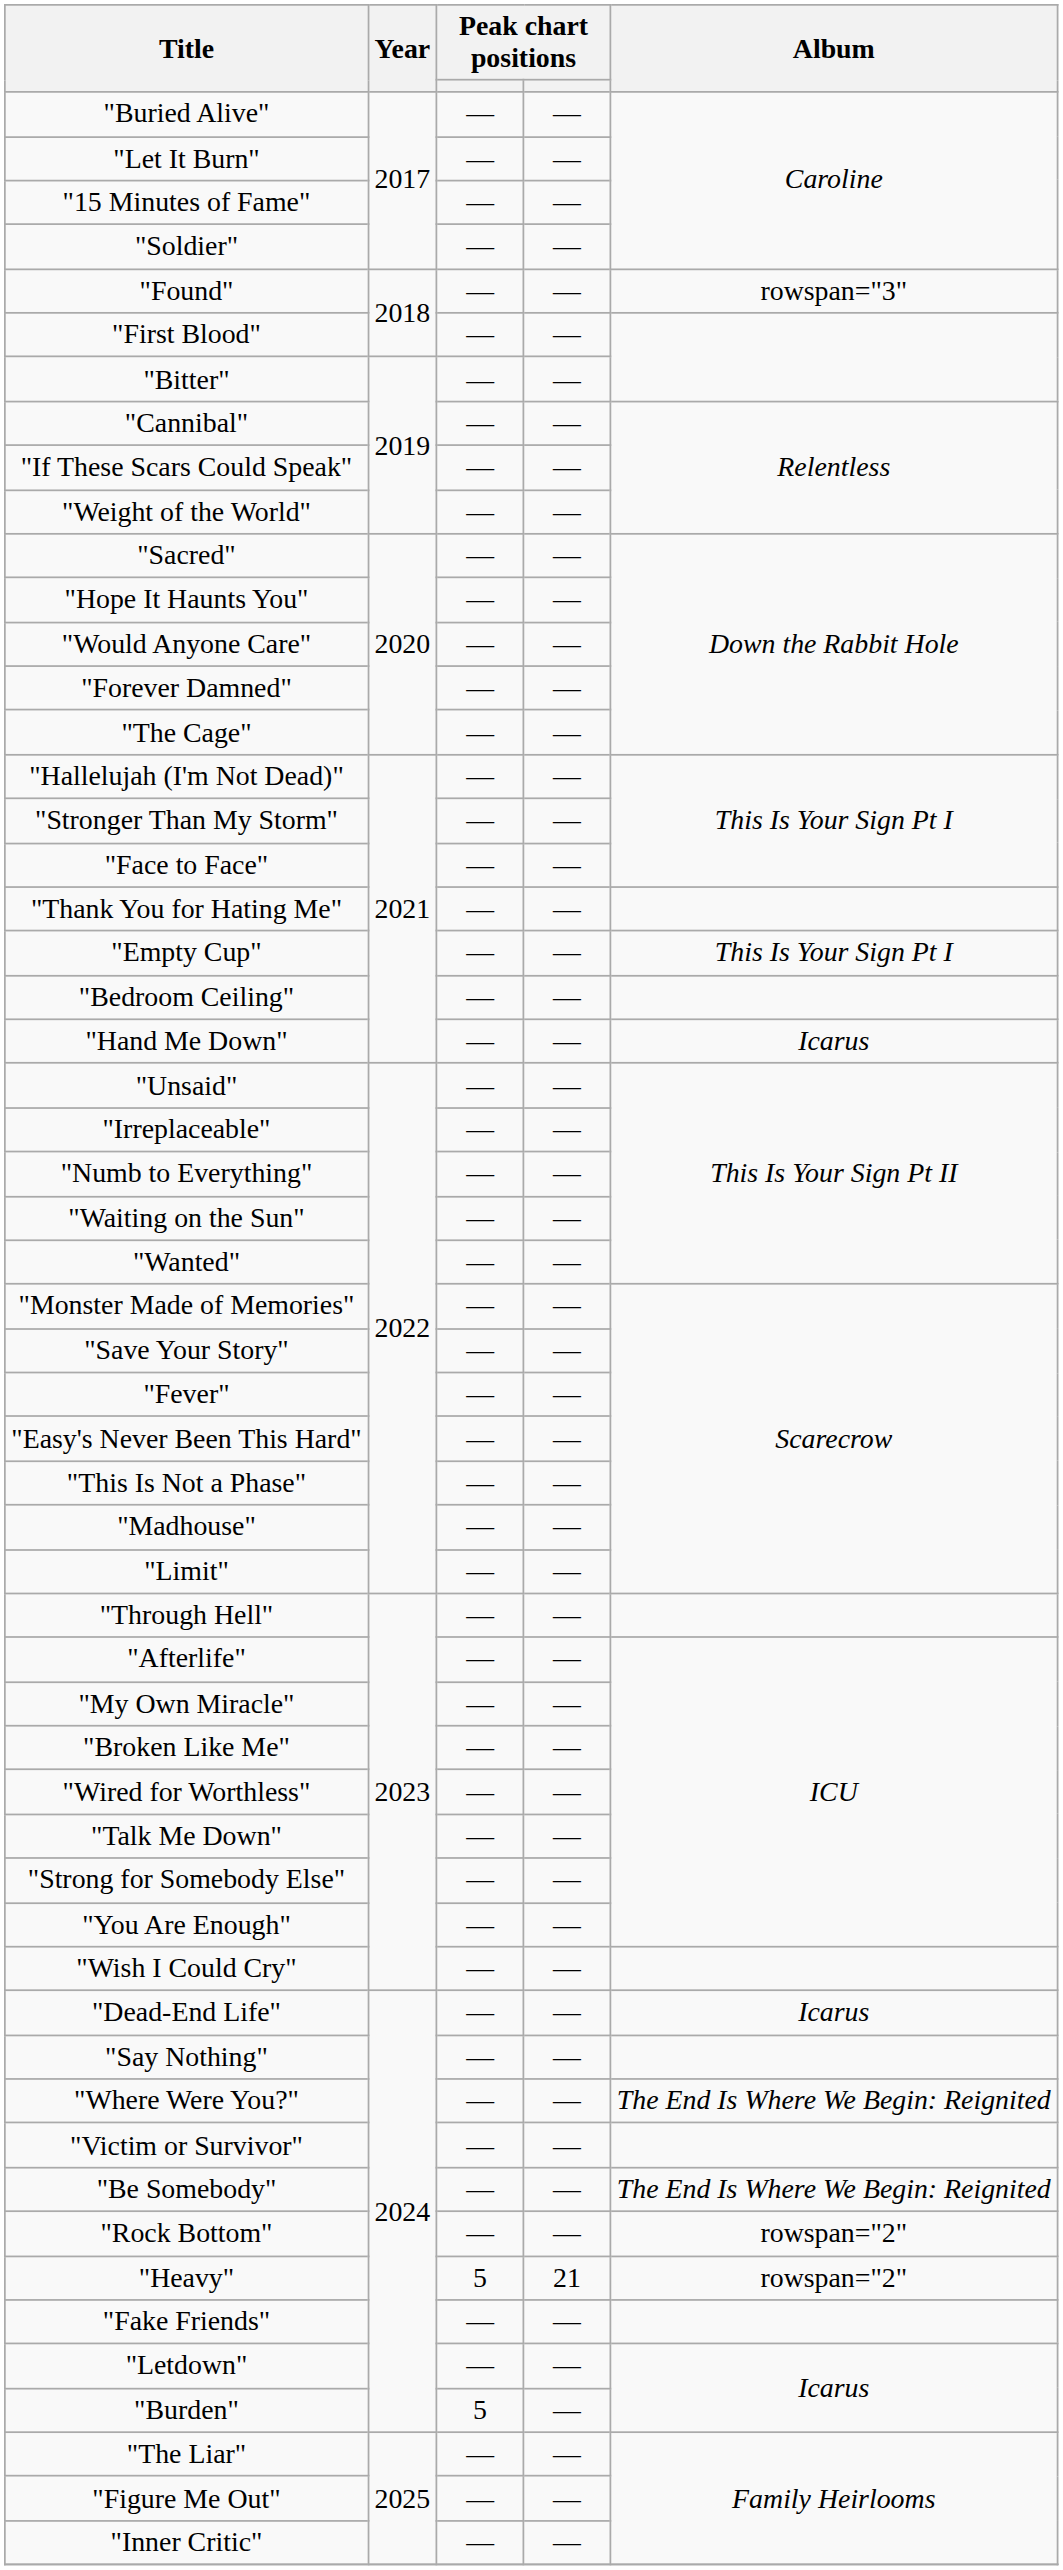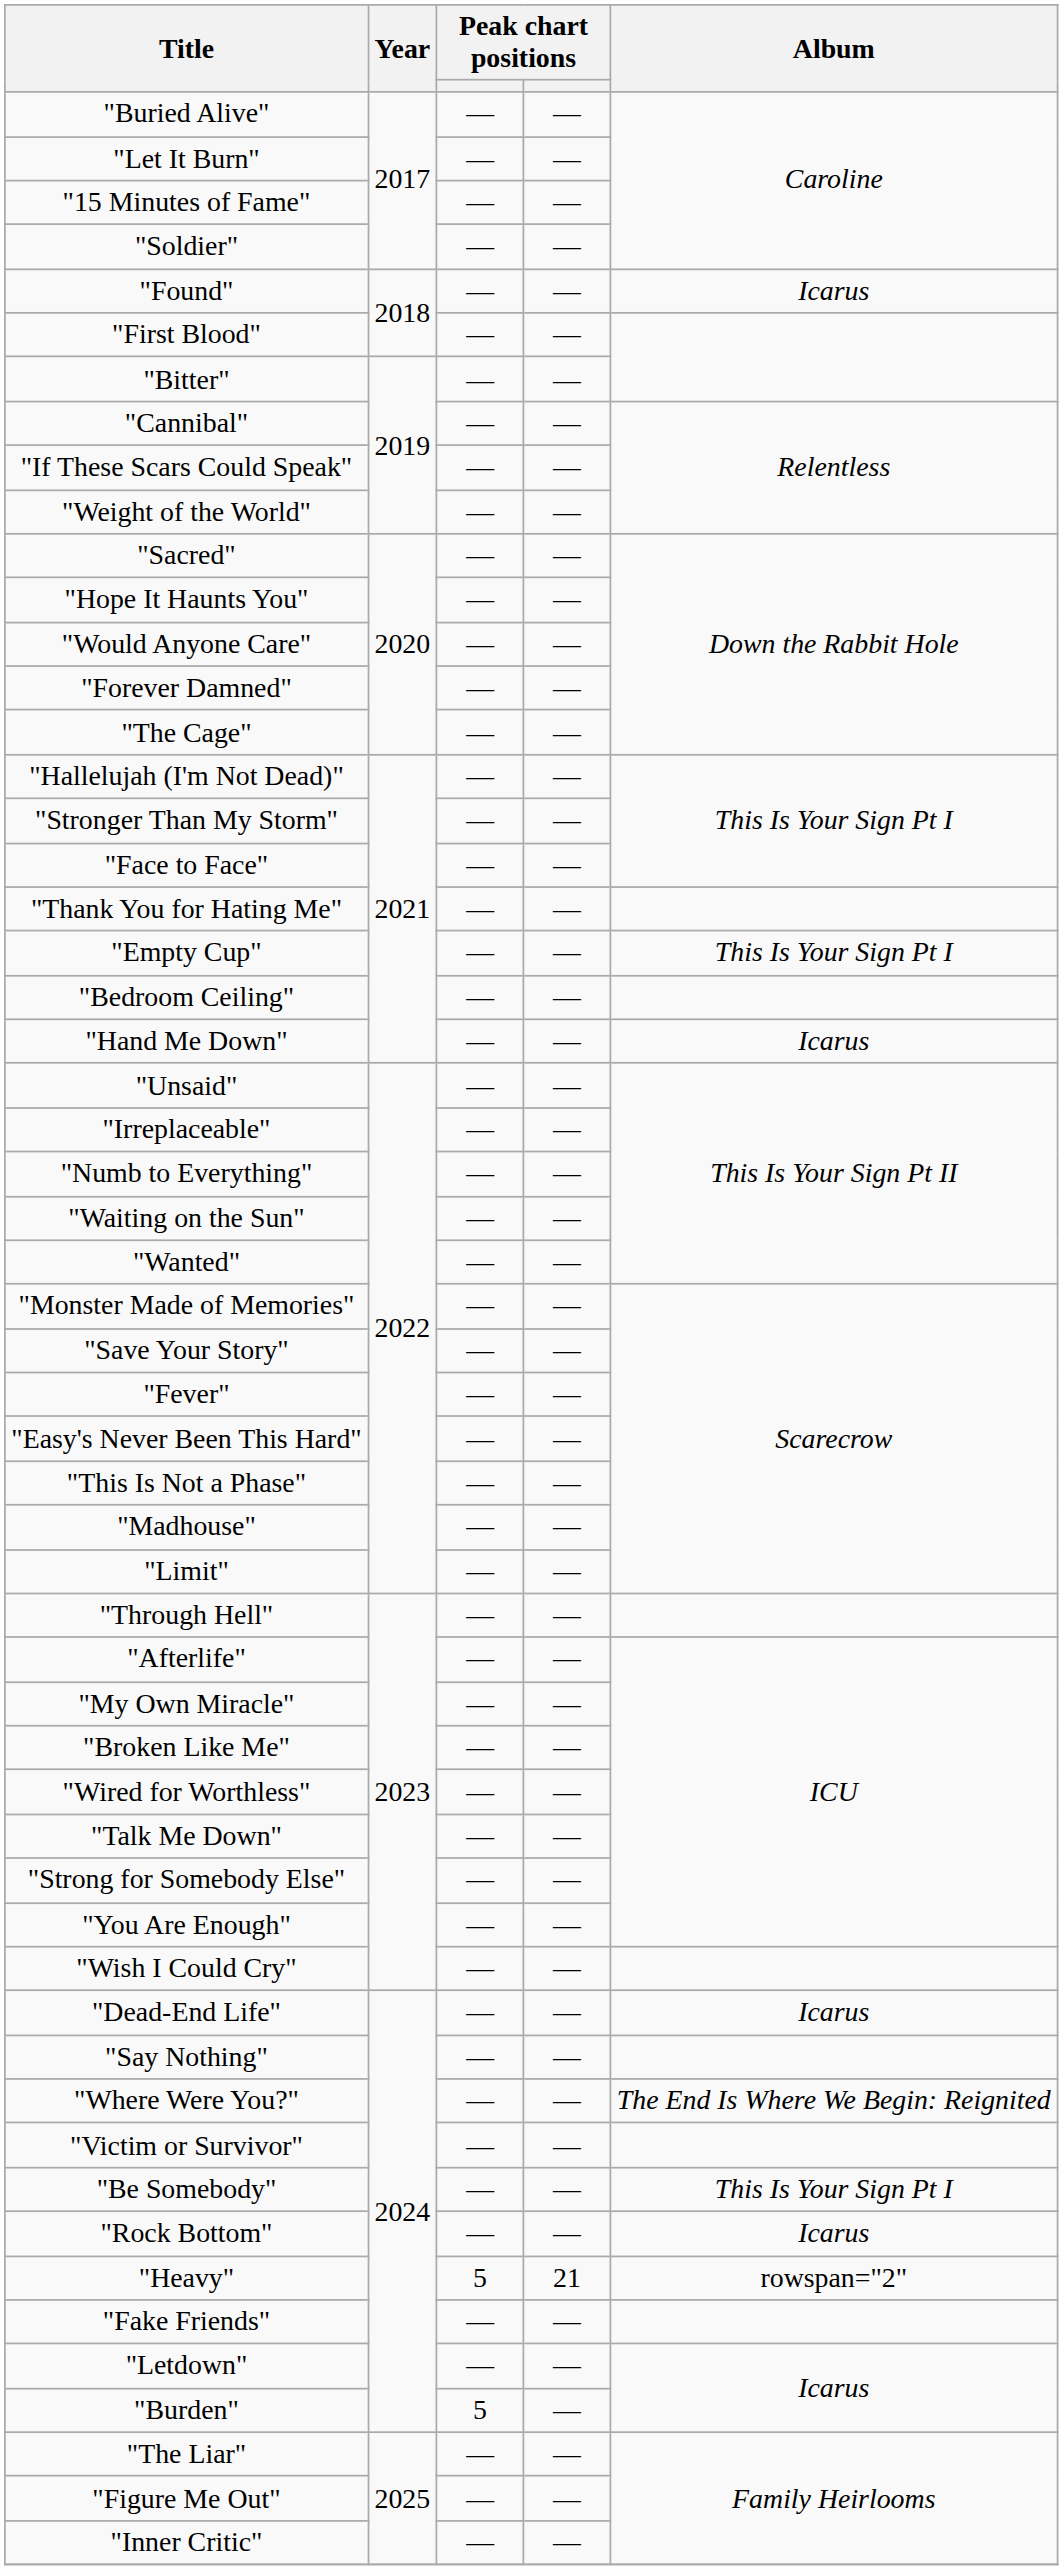 <table class="wikitable plainrowheaders" style="text-align:center;">
 <tr>
 <th scope="col" rowspan="2">Title</th>
 <th scope="col" rowspan="2">Year</th>
 <th scope="col" colspan="2">Peak chart positions</th>
 <th scope="col" rowspan="2">Album</th>
 </tr>
 <tr>
 <th scope="col" style="width:3em;font-size:90%;"></th>
 <th scope="col" style="width:3em;font-size:90%;"></th>
 </tr>
 <tr>
 <td>"Buried Alive"</td>
 <td rowspan="4">2017</td>
 <td>—</td>
 <td>—</td>
 <td rowspan="4"><em>Caroline</em></td>
 </tr>
 <tr>
 <td>"Let It Burn"</td>
 <td>—</td>
 <td>—</td>
 </tr>
 <tr>
 <td>"15 Minutes of Fame"</td>
 <td>—</td>
 <td>—</td>
 </tr>
 <tr>
 <td>"Soldier"</td>
 <td>—</td>
 <td>—</td>
 </tr>
 <tr>
 <td>"Found"</td>
 <td rowspan="2">2018</td>
 <td>—</td>
 <td>—</td>
-<td>rowspan="3" </td>
+<td><em>Icarus</em></td>
 </tr>
 <tr>
 <td>"First Blood"</td>
 <td>—</td>
 <td>—</td>
 </tr>
 <tr>
 <td>"Bitter"</td>
 <td rowspan="4">2019</td>
 <td>—</td>
 <td>—</td>
 </tr>
 <tr>
 <td>"Cannibal"</td>
 <td>—</td>
 <td>—</td>
 <td rowspan="3"><em>Relentless</em></td>
 </tr>
 <tr>
 <td>"If These Scars Could Speak"</td>
 <td>—</td>
 <td>—</td>
 </tr>
 <tr>
 <td>"Weight of the World"</td>
 <td>—</td>
 <td>—</td>
 </tr>
 <tr>
 <td>"Sacred"</td>
 <td rowspan="5">2020</td>
 <td>—</td>
 <td>—</td>
 <td rowspan="5"><em>Down the Rabbit Hole</em></td>
 </tr>
 <tr>
 <td>"Hope It Haunts You"</td>
 <td>—</td>
 <td>—</td>
 </tr>
 <tr>
 <td>"Would Anyone Care"</td>
 <td>—</td>
 <td>—</td>
 </tr>
 <tr>
 <td>"Forever Damned"</td>
 <td>—</td>
 <td>—</td>
 </tr>
 <tr>
 <td>"The Cage"</td>
 <td>—</td>
 <td>—</td>
 </tr>
 <tr>
 <td>"Hallelujah (I'm Not Dead)"</td>
 <td rowspan="7">2021</td>
 <td>—</td>
 <td>—</td>
 <td rowspan="3"><em>This Is Your Sign Pt I</em></td>
 </tr>
 <tr>
 <td>"Stronger Than My Storm"</td>
 <td>—</td>
 <td>—</td>
 </tr>
 <tr>
 <td>"Face to Face"</td>
 <td>—</td>
 <td>—</td>
 </tr>
 <tr>
 <td>"Thank You for Hating Me"</td>
 <td>—</td>
 <td>—</td>
 <td></td>
 </tr>
 <tr>
 <td>"Empty Cup"</td>
 <td>—</td>
 <td>—</td>
 <td><em>This Is Your Sign Pt I</em></td>
 </tr>
 <tr>
 <td>"Bedroom Ceiling"</td>
 <td>—</td>
 <td>—</td>
 <td></td>
 </tr>
 <tr>
 <td>"Hand Me Down"</td>
 <td>—</td>
 <td>—</td>
 <td><em>Icarus</em></td>
 </tr>
 <tr>
 <td>"Unsaid"</td>
 <td rowspan="12">2022</td>
 <td>—</td>
 <td>—</td>
 <td rowspan="5"><em>This Is Your Sign Pt II</em></td>
 </tr>
 <tr>
 <td>"Irreplaceable"</td>
 <td>—</td>
 <td>—</td>
 </tr>
 <tr>
 <td>"Numb to Everything"</td>
 <td>—</td>
 <td>—</td>
 </tr>
 <tr>
 <td>"Waiting on the Sun"</td>
 <td>—</td>
 <td>—</td>
 </tr>
 <tr>
 <td>"Wanted"</td>
 <td>—</td>
 <td>—</td>
 </tr>
 <tr>
 <td>"Monster Made of Memories"</td>
 <td>—</td>
 <td>—</td>
 <td rowspan="7"><em>Scarecrow</em></td>
 </tr>
 <tr>
 <td>"Save Your Story"</td>
 <td>—</td>
 <td>—</td>
 </tr>
 <tr>
 <td>"Fever"</td>
 <td>—</td>
 <td>—</td>
 </tr>
 <tr>
 <td>"Easy's Never Been This Hard"</td>
 <td>—</td>
 <td>—</td>
 </tr>
 <tr>
 <td>"This Is Not a Phase"</td>
 <td>—</td>
 <td>—</td>
 </tr>
 <tr>
 <td>"Madhouse"</td>
 <td>—</td>
 <td>—</td>
 </tr>
 <tr>
 <td>"Limit"</td>
 <td>—</td>
 <td>—</td>
 </tr>
 <tr>
 <td>"Through Hell"</td>
 <td rowspan="9">2023</td>
 <td>—</td>
 <td>—</td>
 <td></td>
 </tr>
 <tr>
 <td>"Afterlife"</td>
 <td>—</td>
 <td>—</td>
 <td rowspan="7"><em>ICU</em></td>
 </tr>
 <tr>
 <td>"My Own Miracle"</td>
 <td>—</td>
 <td>—</td>
 </tr>
 <tr>
 <td>"Broken Like Me"</td>
 <td>—</td>
 <td>—</td>
 </tr>
 <tr>
 <td>"Wired for Worthless"</td>
 <td>—</td>
 <td>—</td>
 </tr>
 <tr>
 <td>"Talk Me Down"</td>
 <td>—</td>
 <td>—</td>
 </tr>
 <tr>
 <td>"Strong for Somebody Else"</td>
 <td>—</td>
 <td>—</td>
 </tr>
 <tr>
 <td>"You Are Enough"</td>
 <td>—</td>
 <td>—</td>
 </tr>
 <tr>
 <td>"Wish I Could Cry"</td>
 <td>—</td>
 <td>—</td>
 <td></td>
 </tr>
 <tr>
 <td>"Dead-End Life"</td>
 <td rowspan="10">2024</td>
 <td>—</td>
 <td>—</td>
 <td><em>Icarus</em></td>
 </tr>
 <tr>
 <td>"Say Nothing"</td>
 <td>—</td>
 <td>—</td>
 <td></td>
 </tr>
 <tr>
 <td>"Where Were You?"</td>
 <td>—</td>
 <td>—</td>
 <td><em>The End Is Where We Begin: Reignited</em></td>
 </tr>
 <tr>
 <td>"Victim or Survivor"</td>
 <td>—</td>
 <td>—</td>
 <td></td>
 </tr>
 <tr>
 <td>"Be Somebody"</td>
 <td>—</td>
 <td>—</td>
-<td><em>The End Is Where We Begin: Reignited</em></td>
+<td><em>This Is Your Sign Pt I</em></td>
 </tr>
 <tr>
 <td>"Rock Bottom"</td>
 <td>—</td>
 <td>—</td>
-<td>rowspan="2" </td>
+<td><em>Icarus</em></td>
 </tr>
 <tr>
 <td>"Heavy"</td>
 <td>5</td>
 <td>21</td>
 <td>rowspan="2" </td>
 </tr>
 <tr>
 <td>"Fake Friends"</td>
 <td>—</td>
 <td>—</td>
 </tr>
 <tr>
 <td>"Letdown"</td>
 <td>—</td>
 <td>—</td>
 <td rowspan="2"><em>Icarus</em></td>
 </tr>
 <tr>
 <td>"Burden"</td>
 <td>5</td>
 <td>—</td>
 </tr>
 <tr>
 <td>"The Liar"</td>
 <td rowspan="3">2025</td>
 <td>—</td>
 <td>—</td>
 <td rowspan="3"><em>Family Heirlooms</em></td>
 </tr>
 <tr>
 <td>"Figure Me Out"</td>
 <td>—</td>
 <td>—</td>
 </tr>
 <tr>
 <td>"Inner Critic"</td>
 <td>—</td>
 <td>—</td>
 </tr>
 <tr>
 </tr>
 </table>
